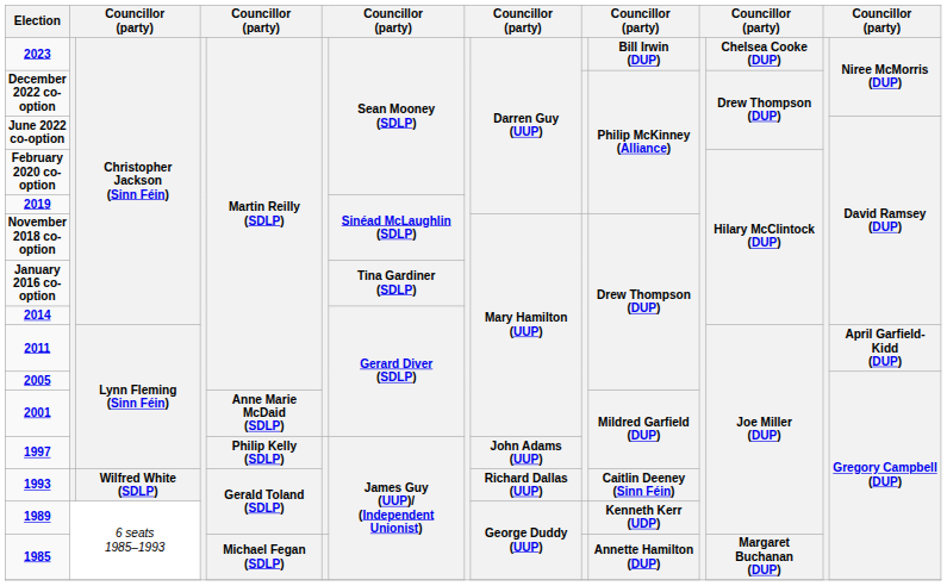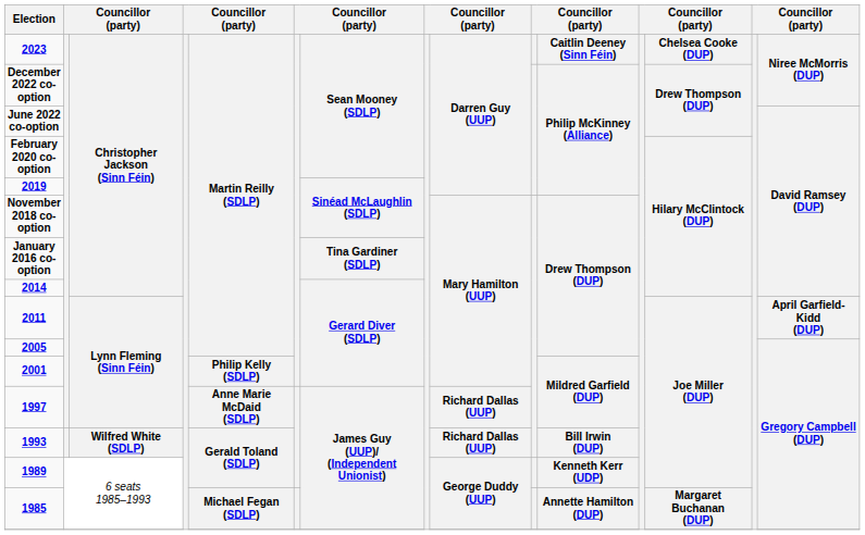 <table class="wikitable" style="text-align:center">
 <tr>
 <th scope="col" width="50">Election</th>
 <th scope="col" width="150" colspan = "2">Councillor<br> (party)</th>
 <th scope="col" width="150" colspan = "2">Councillor<br> (party)</th>
 <th scope="col" width="150" colspan = "2">Councillor<br> (party)</th>
 <th scope="col" width="150" colspan = "2">Councillor<br> (party)</th>
 <th scope="col" width="150" colspan = "2">Councillor<br> (party)</th>
 <th scope="col" width="150" colspan = "2">Councillor<br> (party)</th>
 <th scope="col" width="150" colspan = "2">Councillor<br> (party)</th>
 </tr>
 <tr>
 <td><strong><a href='#'>2023</a></strong></td>
 <th rowspan="12" width="1" style="background-color: "></th>
 <th rowspan = "8">Christopher Jackson <br> (<a href='#'>Sinn Féin</a>)</th>
 <th rowspan="16" width="1" style="background-color: "></th>
 <th rowspan = "10">Martin Reilly <br> (<a href='#'>SDLP</a>)</th>
 <th rowspan="11" width="1" style="background-color: "></th>
 <th rowspan = "4">Sean Mooney <br> (<a href='#'>SDLP</a>)</th>
 <th rowspan="16" width="1" style="background-color: "></th>
 <th rowspan = "5">Darren Guy <br> (<a href='#'>UUP</a>)</th>
 <th rowspan="1" width="1" style="background-color: "></th>
-<th rowspan = "1">Bill Irwin <br> (<a href='#'>DUP</a>)</th>
+<th rowspan = "1">Caitlin Deeney <br> (<a href='#'>Sinn Féin</a>)</th>
 <th rowspan="16" width="1" style="background-color: "></th>
 <th rowspan = "1">Chelsea Cooke <br> (<a href='#'>DUP</a>)</th>
 <th rowspan="16" width="1" style="background-color: "></th>
 <th rowspan = "2">Niree McMorris <br> (<a href='#'>DUP</a>)</th>
 </tr>
 <tr>
 <td><strong>December 2022 co-option</strong></td>
 <th rowspan="4" width="1" style="background-color: "></th>
 <th rowspan = "4">Philip McKinney <br> (<a href='#'>Alliance</a>)</th>
 <th rowspan = "2">Drew Thompson <br> (<a href='#'>DUP</a>)</th>
 </tr>
 <tr>
 <td><strong>June 2022 co-option</strong></td>
 <th rowspan = "6">David Ramsey <br> (<a href='#'>DUP</a>)</th>
 </tr>
 <tr>
 <td><strong>February 2020 co-option</strong></td>
 <th rowspan = "5">Hilary McClintock <br> (<a href='#'>DUP</a>)</th>
 </tr>
 <tr>
 <td><strong><a href='#'>2019</a></strong></td>
 <th rowspan = "2"><a href='#'>Sinéad McLaughlin</a> <br> (<a href='#'>SDLP</a>)</th>
 </tr>
 <tr>
 <td><strong>November 2018 co-option</strong></td>
 <th rowspan = "6">Mary Hamilton <br> (<a href='#'>UUP</a>)</th>
 <th rowspan="8" width="1" style="background-color: "></th>
 <th rowspan = "5">Drew Thompson <br> (<a href='#'>DUP</a>)</th>
 </tr>
 <tr>
 <td><strong>January 2016 co-option</strong></td>
 <th rowspan = "1">Tina Gardiner <br> (<a href='#'>SDLP</a>)</th>
 </tr>
 <tr>
 <td><strong><a href='#'>2014</a></strong></td>
 <th rowspan = "4"><a href='#'>Gerard Diver</a> <br> (<a href='#'>SDLP</a>)</th>
 </tr>
 <tr>
 <td><strong><a href='#'>2011</a></strong></td>
 <th rowspan = "4">Lynn Fleming <br> (<a href='#'>Sinn Féin</a>)</th>
 <th rowspan = "6">Joe Miller <br> (<a href='#'>DUP</a>)</th>
 <th rowspan = "1">April Garfield-Kidd <br> (<a href='#'>DUP</a>)</th>
 </tr>
 <tr>
 <td><strong><a href='#'>2005</a></strong></td>
 <th rowspan = "6"><a href='#'>Gregory Campbell</a> <br> (<a href='#'>DUP</a>)</th>
 </tr>
 <tr>
 <td><strong><a href='#'>2001</a></strong></td>
-<th rowspan = "1">Anne Marie McDaid <br> (<a href='#'>SDLP</a>)</th>
+<th rowspan = "1">Philip Kelly <br> (<a href='#'>SDLP</a>)</th>
 <th rowspan = "2">Mildred Garfield <br> (<a href='#'>DUP</a>)</th>
 </tr>
 <tr>
 <td><strong><a href='#'>1997</a></strong></td>
-<th rowspan = "1">Philip Kelly <br> (<a href='#'>SDLP</a>)</th>
+<th rowspan = "1">Anne Marie McDaid <br> (<a href='#'>SDLP</a>)</th>
 <th rowspan="3" width="1" style="background-color: "></th>
 <th rowspan = "4">James Guy <br> (<a href='#'>UUP</a>)/ <br> (<a href='#'>Independent Unionist</a>)</th>
-<th rowspan = "1">John Adams <br> (<a href='#'>UUP</a>)</th>
+<th rowspan = "1">Richard Dallas <br> (<a href='#'>UUP</a>)</th>
 </tr>
 <tr>
 <td><strong><a href='#'>1993</a></strong></td>
 <th rowspan="1" width="1" style="background-color: "></th>
 <th rowspan = "1">Wilfred White <br> (<a href='#'>SDLP</a>)</th>
 <th rowspan = "2">Gerald Toland <br> (<a href='#'>SDLP</a>)</th>
 <th rowspan = "1">Richard Dallas <br> (<a href='#'>UUP</a>)</th>
-<th rowspan = "1">Caitlin Deeney <br> (<a href='#'>Sinn Féin</a>)</th>
+<th rowspan = "1">Bill Irwin <br> (<a href='#'>DUP</a>)</th>
 </tr>
 <tr>
 <td><strong><a href='#'>1989</a></strong></td>
 <td colspan="2" rowspan="2" style="background-color:#FFFFFF"><em>6 seats<br>1985–1993</em></td>
 <th rowspan = "2">George Duddy <br> (<a href='#'>UUP</a>)</th>
 <th rowspan="1" width="1" style="background-color: "></th>
 <th rowspan = "1">Kenneth Kerr <br> (<a href='#'>UDP</a>)</th>
 </tr>
 <tr>
 <td><strong><a href='#'>1985</a></strong></td>
 <th rowspan = "1">Michael Fegan <br> (<a href='#'>SDLP</a>)</th>
 <th rowspan="1" width="1" style="background-color: "></th>
 <th rowspan="1" width="1" style="background-color: "></th>
 <th rowspan = "1">Annette Hamilton <br> (<a href='#'>DUP</a>)</th>
 <th rowspan = "1">Margaret Buchanan <br> (<a href='#'>DUP</a>)</th>
 </tr>
 <tr>
 </tr>
 </table>
